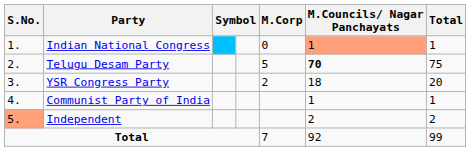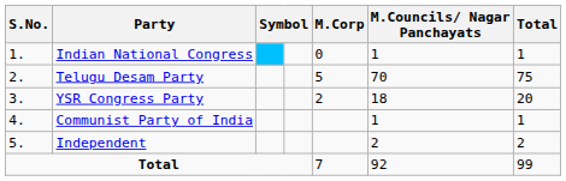 <table class="wikitable sortable">
 <tr>
 <th><strong>S.No.</strong></th>
 <th><strong>Party</strong></th>
 <th colspan="2"><strong>Symbol</strong></th>
 <th>M.Corp</th>
 <th>M.Councils/ Nagar<br>Panchayats</th>
 <th>Total</th>
 </tr>
 <tr>
 <td>1.</td>
 <td><a href='#'>Indian National Congress</a></td>
 <td bgcolor="#00BFFF"></td>
 <td></td>
 <td>0</td>
-<td style="background: lightsalmon;">1</td>
+<td>1</td>
 <td>1</td>
 </tr>
 <tr>
 <td>2.</td>
 <td><a href='#'>Telugu Desam Party</a></td>
 <td></td>
 <td></td>
 <td>5</td>
-<td><strong>70</strong></td>
+<td>70</td>
 <td>75</td>
 </tr>
 <tr>
 <td>3.</td>
 <td><a href='#'>YSR Congress Party</a></td>
 <td></td>
 <td></td>
 <td>2</td>
 <td>18</td>
 <td>20</td>
 </tr>
 <tr>
 <td>4.</td>
 <td><a href='#'>Communist Party of India</a></td>
 <td></td>
 <td></td>
 <td></td>
 <td>1</td>
 <td>1</td>
 </tr>
 <tr>
-<td style="background: lightsalmon;">5.</td>
+<td>5.</td>
 <td><a href='#'>Independent</a></td>
 <td></td>
 <td></td>
 <td></td>
 <td>2</td>
 <td>2</td>
 </tr>
 <tr>
 <td colspan="4" align="center"><strong>Total</strong></td>
 <td>7</td>
 <td>92</td>
 <td>99</td>
 </tr>
 </table>
